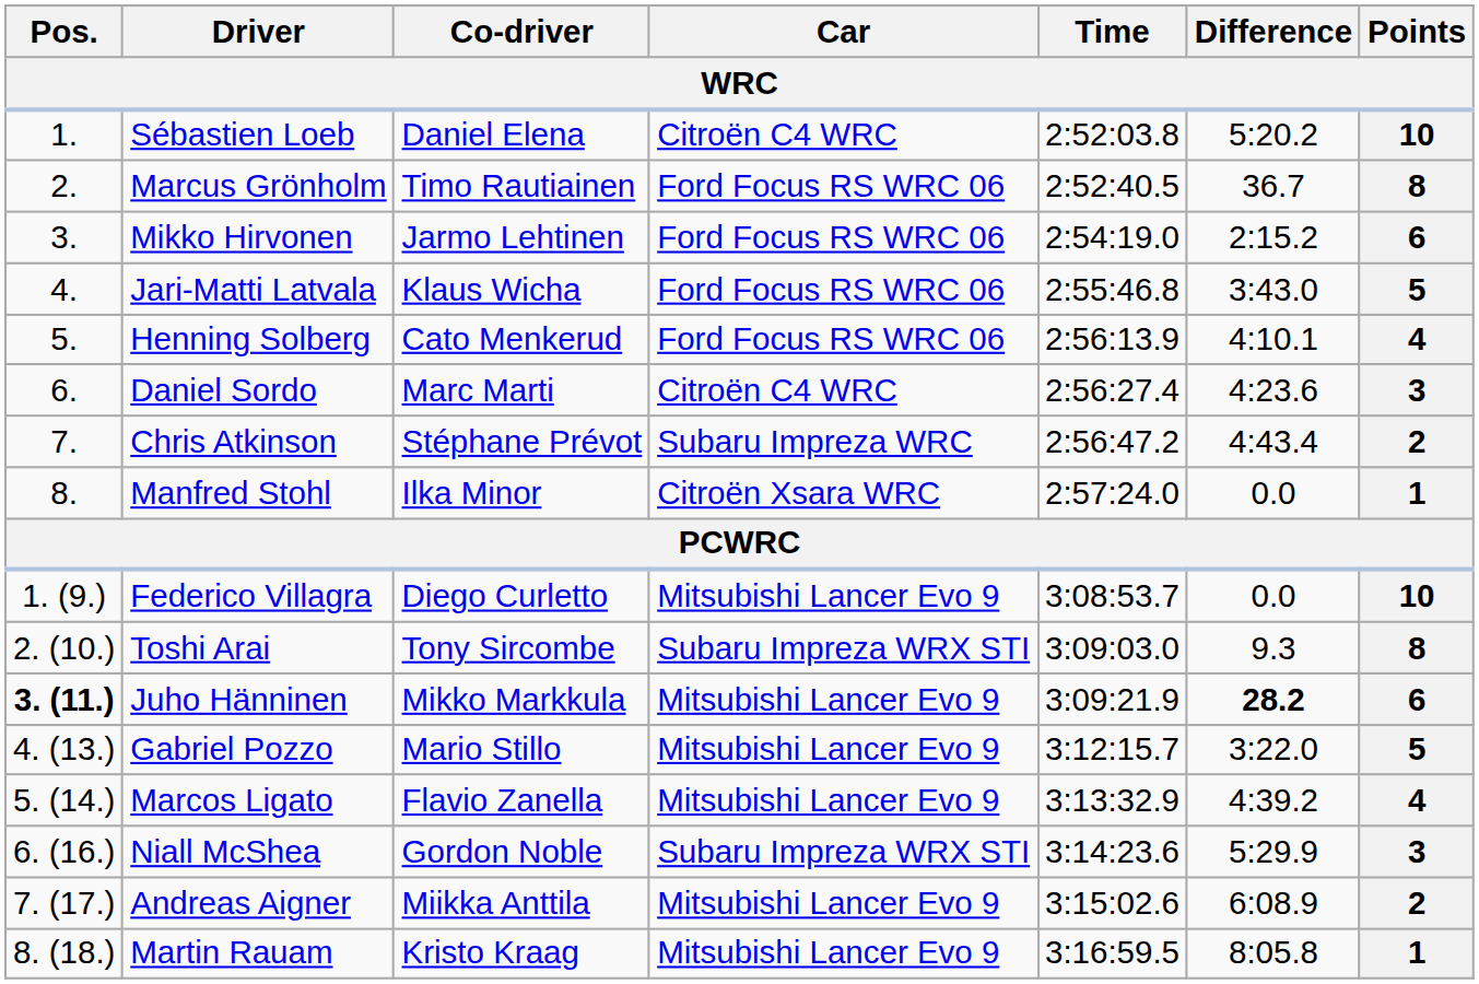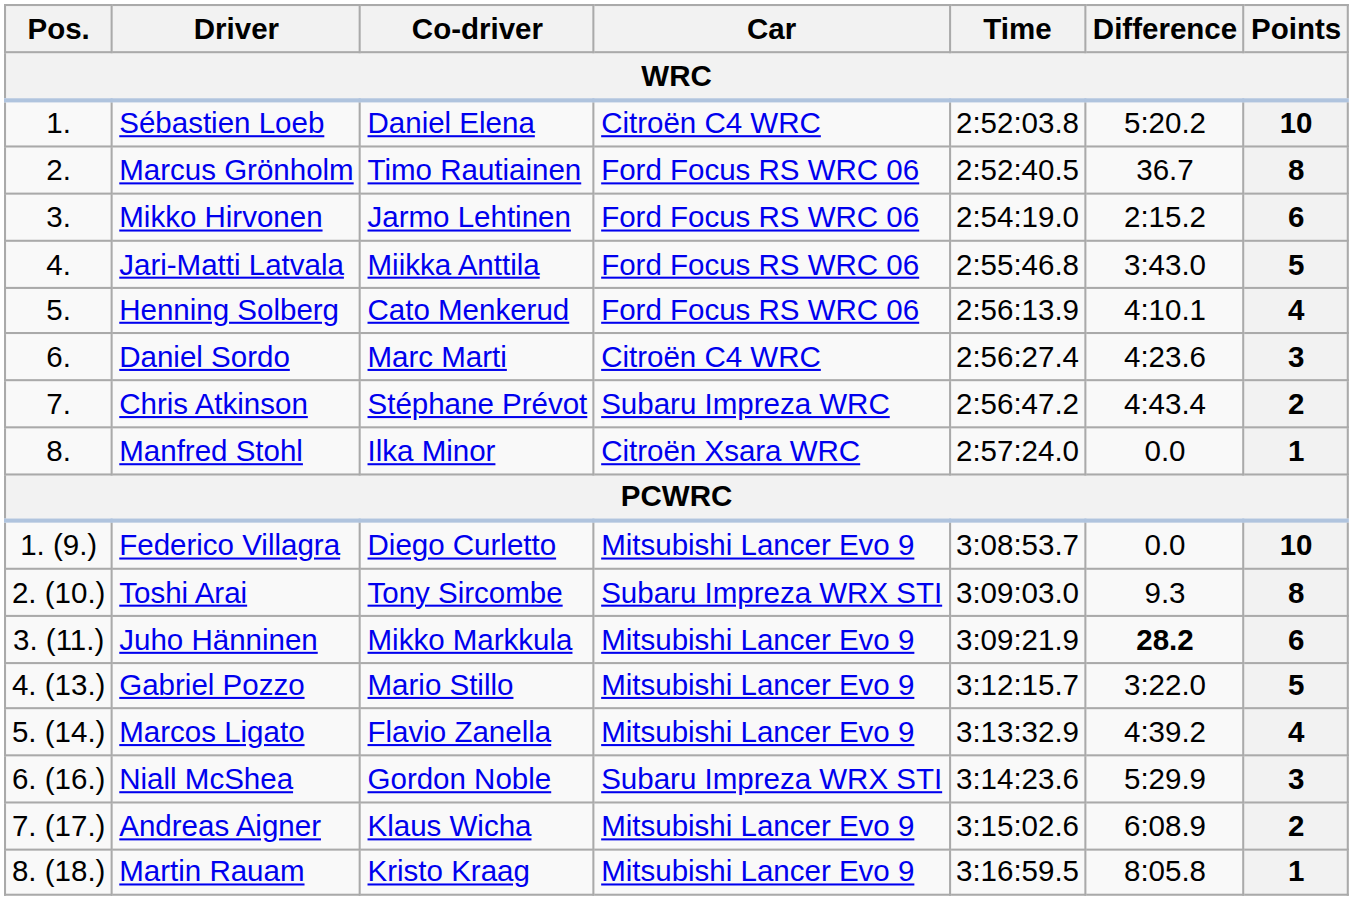 <table class="wikitable" style="text-align: center; font-size: 90%; max-width: 950px;">
 <tr>
 <th>Pos.</th>
 <th>Driver</th>
 <th>Co-driver</th>
 <th>Car</th>
 <th>Time</th>
 <th>Difference</th>
 <th>Points</th>
 </tr>
 <tr>
 <th colspan="7" style="border-bottom: 2px solid LightSteelBlue;">WRC</th>
 </tr>
 <tr>
 <td>1.</td>
 <td align=left> <a href='#'>Sébastien Loeb</a></td>
 <td align=left> <a href='#'>Daniel Elena</a></td>
 <td align=left><a href='#'>Citroën C4 WRC</a></td>
 <td>2:52:03.8</td>
 <td>5:20.2</td>
 <th>10</th>
 </tr>
 <tr>
 <td>2.</td>
 <td align=left> <a href='#'>Marcus Grönholm</a></td>
 <td align=left> <a href='#'>Timo Rautiainen</a></td>
 <td align=left><a href='#'>Ford Focus RS WRC 06</a></td>
 <td>2:52:40.5</td>
 <td>36.7</td>
 <th>8</th>
 </tr>
 <tr>
 <td>3.</td>
 <td align=left> <a href='#'>Mikko Hirvonen</a></td>
 <td align=left> <a href='#'>Jarmo Lehtinen</a></td>
 <td align=left><a href='#'>Ford Focus RS WRC 06</a></td>
 <td>2:54:19.0</td>
 <td>2:15.2</td>
 <th>6</th>
 </tr>
 <tr>
 <td>4.</td>
 <td align=left> <a href='#'>Jari-Matti Latvala</a></td>
-<td align="left"> <a href='#'>Klaus Wicha</a></td>
+<td align=left> <a href='#'>Miikka Anttila</a></td>
 <td align=left><a href='#'>Ford Focus RS WRC 06</a></td>
 <td>2:55:46.8</td>
 <td>3:43.0</td>
 <th>5</th>
 </tr>
 <tr>
 <td>5.</td>
 <td align=left> <a href='#'>Henning Solberg</a></td>
 <td align=left> <a href='#'>Cato Menkerud</a></td>
 <td align=left><a href='#'>Ford Focus RS WRC 06</a></td>
 <td>2:56:13.9</td>
 <td>4:10.1</td>
 <th>4</th>
 </tr>
 <tr>
 <td>6.</td>
 <td align=left> <a href='#'>Daniel Sordo</a></td>
 <td align=left> <a href='#'>Marc Marti</a></td>
 <td align=left><a href='#'>Citroën C4 WRC</a></td>
 <td>2:56:27.4</td>
 <td>4:23.6</td>
 <th>3</th>
 </tr>
 <tr>
 <td>7.</td>
 <td align=left> <a href='#'>Chris Atkinson</a></td>
 <td align=left> <a href='#'>Stéphane Prévot</a></td>
 <td align=left><a href='#'>Subaru Impreza WRC</a></td>
 <td>2:56:47.2</td>
 <td>4:43.4</td>
 <th>2</th>
 </tr>
 <tr>
 <td>8.</td>
 <td align=left> <a href='#'>Manfred Stohl</a></td>
 <td align=left> <a href='#'>Ilka Minor</a></td>
 <td align=left><a href='#'>Citroën Xsara WRC</a></td>
 <td>2:57:24.0</td>
 <td>0.0</td>
 <th>1</th>
 </tr>
 <tr>
 <th colspan="7" style="border-bottom: 2px solid LightSteelBlue;">PCWRC</th>
 </tr>
 <tr>
 <td>1. (9.)</td>
 <td align="left"> <a href='#'>Federico Villagra</a></td>
 <td align="left"> <a href='#'>Diego Curletto</a></td>
 <td align="left"><a href='#'>Mitsubishi Lancer Evo 9</a></td>
 <td>3:08:53.7</td>
 <td>0.0</td>
 <th>10</th>
 </tr>
 <tr>
 <td>2. (10.)</td>
 <td align="left"> <a href='#'>Toshi Arai</a></td>
 <td align="left"> <a href='#'>Tony Sircombe</a></td>
 <td align="left"><a href='#'>Subaru Impreza WRX STI</a></td>
 <td>3:09:03.0</td>
 <td>9.3</td>
 <th>8</th>
 </tr>
 <tr>
-<td><strong>3. (11.)</strong></td>
+<td>3. (11.)</td>
 <td align="left"> <a href='#'>Juho Hänninen</a></td>
 <td align="left"> <a href='#'>Mikko Markkula</a></td>
 <td align="left"><a href='#'>Mitsubishi Lancer Evo 9</a></td>
 <td>3:09:21.9</td>
 <td><strong>28.2</strong></td>
 <th>6</th>
 </tr>
 <tr>
 <td>4. (13.)</td>
 <td align="left"> <a href='#'>Gabriel Pozzo</a></td>
 <td align="left"> <a href='#'>Mario Stillo</a></td>
 <td align="left"><a href='#'>Mitsubishi Lancer Evo 9</a></td>
 <td>3:12:15.7</td>
 <td>3:22.0</td>
 <th>5</th>
 </tr>
 <tr>
 <td>5. (14.)</td>
 <td align="left"> <a href='#'>Marcos Ligato</a></td>
 <td align="left"> <a href='#'>Flavio Zanella</a></td>
 <td align="left"><a href='#'>Mitsubishi Lancer Evo 9</a></td>
 <td>3:13:32.9</td>
 <td>4:39.2</td>
 <th>4</th>
 </tr>
 <tr>
 <td>6. (16.)</td>
 <td align="left"> <a href='#'>Niall McShea</a></td>
 <td align="left"> <a href='#'>Gordon Noble</a></td>
 <td align="left"><a href='#'>Subaru Impreza WRX STI</a></td>
 <td>3:14:23.6</td>
 <td>5:29.9</td>
 <th>3</th>
 </tr>
 <tr>
 <td>7. (17.)</td>
 <td align="left"> <a href='#'>Andreas Aigner</a></td>
-<td align=left> <a href='#'>Miikka Anttila</a></td>
+<td align="left"> <a href='#'>Klaus Wicha</a></td>
 <td align="left"><a href='#'>Mitsubishi Lancer Evo 9</a></td>
 <td>3:15:02.6</td>
 <td>6:08.9</td>
 <th>2</th>
 </tr>
 <tr>
 <td>8. (18.)</td>
 <td align="left"> <a href='#'>Martin Rauam</a></td>
 <td align="left"> <a href='#'>Kristo Kraag</a></td>
 <td align="left"><a href='#'>Mitsubishi Lancer Evo 9</a></td>
 <td>3:16:59.5</td>
 <td>8:05.8</td>
 <th>1</th>
 </tr>
 </table>
